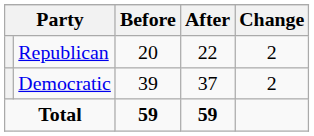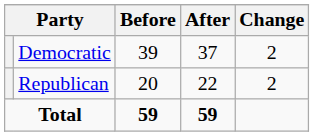 <table class="wikitable" style="text-align:center;">
 <tr>
 </tr>
 <tr>
 <th colspan=2>Party</th>
 <th>Before</th>
 <th>After</th>
 <th>Change</th>
 </tr>
 <tr>
 <th style="background-color:"></th>
-<td style="text-align:left;"><a href='#'>Republican</a></td>
-<td>20</td>
-<td>22</td>
+<td style="text-align:left;"><a href='#'>Democratic</a></td>
+<td>39</td>
+<td>37</td>
 <td> 2</td>
 </tr>
 <tr>
 <th style="background-color:"></th>
-<td style="text-align:left;"><a href='#'>Democratic</a></td>
-<td>39</td>
-<td>37</td>
+<td style="text-align:left;"><a href='#'>Republican</a></td>
+<td>20</td>
+<td>22</td>
 <td> 2</td>
 </tr>
 <tr>
 <td colspan=2><strong>Total</strong></td>
 <td><strong>59</strong></td>
 <td><strong>59</strong></td>
 <td></td>
 </tr>
 </table>
